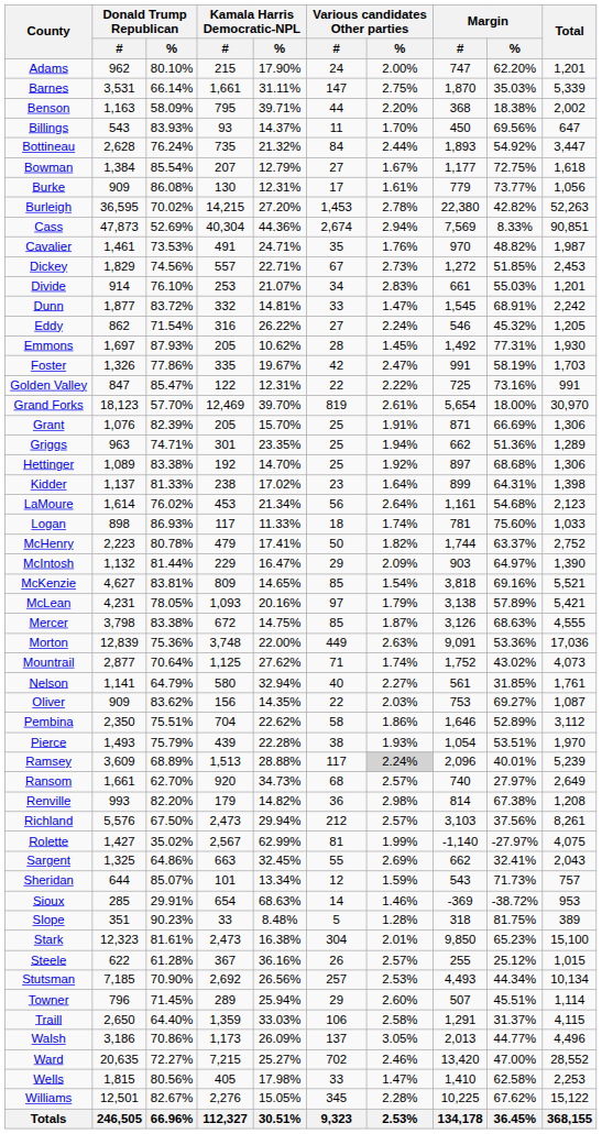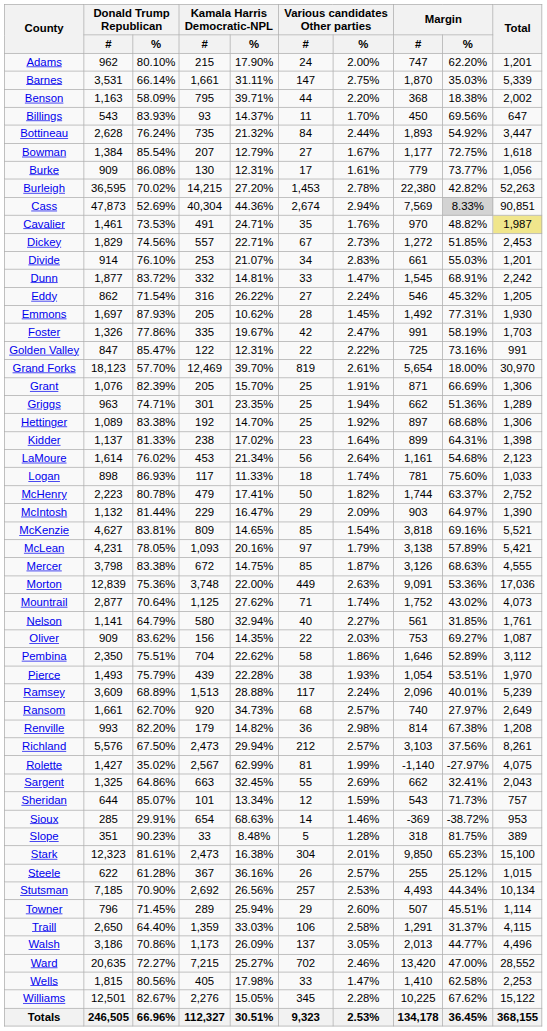 <table width="60%" class="wikitable sortable">
 <tr>
 <th rowspan="2">County</th>
 <th colspan="2">Donald Trump<br>Republican</th>
 <th colspan="2">Kamala Harris<br>Democratic-NPL</th>
 <th colspan="2">Various candidates<br>Other parties</th>
 <th colspan="2">Margin</th>
 <th rowspan="2">Total</th>
 </tr>
 <tr>
 <th style="text-align:center;" data-sort-type="number">#</th>
 <th style="text-align:center;" data-sort-type="number">%</th>
 <th style="text-align:center;" data-sort-type="number">#</th>
 <th style="text-align:center;" data-sort-type="number">%</th>
 <th style="text-align:center;" data-sort-type="number">#</th>
 <th style="text-align:center;" data-sort-type="number">%</th>
 <th style="text-align:center;" data-sort-type="number">#</th>
 <th style="text-align:center;" data-sort-type="number">%</th>
 </tr>
 <tr style="text-align:center;">
 <td><a href='#'>Adams</a></td>
 <td>962</td>
 <td>80.10%</td>
 <td>215</td>
 <td>17.90%</td>
 <td>24</td>
 <td>2.00%</td>
 <td>747</td>
 <td>62.20%</td>
 <td>1,201</td>
 </tr>
 <tr style="text-align:center;">
 <td><a href='#'>Barnes</a></td>
 <td>3,531</td>
 <td>66.14%</td>
 <td>1,661</td>
 <td>31.11%</td>
 <td>147</td>
 <td>2.75%</td>
 <td>1,870</td>
 <td>35.03%</td>
 <td>5,339</td>
 </tr>
 <tr style="text-align:center;">
 <td><a href='#'>Benson</a></td>
 <td>1,163</td>
 <td>58.09%</td>
 <td>795</td>
 <td>39.71%</td>
 <td>44</td>
 <td>2.20%</td>
 <td>368</td>
 <td>18.38%</td>
 <td>2,002</td>
 </tr>
 <tr style="text-align:center;">
 <td><a href='#'>Billings</a></td>
 <td>543</td>
 <td>83.93%</td>
 <td>93</td>
 <td>14.37%</td>
 <td>11</td>
 <td>1.70%</td>
 <td>450</td>
 <td>69.56%</td>
 <td>647</td>
 </tr>
 <tr style="text-align:center;">
 <td><a href='#'>Bottineau</a></td>
 <td>2,628</td>
 <td>76.24%</td>
 <td>735</td>
 <td>21.32%</td>
 <td>84</td>
 <td>2.44%</td>
 <td>1,893</td>
 <td>54.92%</td>
 <td>3,447</td>
 </tr>
 <tr style="text-align:center;">
 <td><a href='#'>Bowman</a></td>
 <td>1,384</td>
 <td>85.54%</td>
 <td>207</td>
 <td>12.79%</td>
 <td>27</td>
 <td>1.67%</td>
 <td>1,177</td>
 <td>72.75%</td>
 <td>1,618</td>
 </tr>
 <tr style="text-align:center;">
 <td><a href='#'>Burke</a></td>
 <td>909</td>
 <td>86.08%</td>
 <td>130</td>
 <td>12.31%</td>
 <td>17</td>
 <td>1.61%</td>
 <td>779</td>
 <td>73.77%</td>
 <td>1,056</td>
 </tr>
 <tr style="text-align:center;">
 <td><a href='#'>Burleigh</a></td>
 <td>36,595</td>
 <td>70.02%</td>
 <td>14,215</td>
 <td>27.20%</td>
 <td>1,453</td>
 <td>2.78%</td>
 <td>22,380</td>
 <td>42.82%</td>
 <td>52,263</td>
 </tr>
 <tr style="text-align:center;">
 <td><a href='#'>Cass</a></td>
 <td>47,873</td>
 <td>52.69%</td>
 <td>40,304</td>
 <td>44.36%</td>
 <td>2,674</td>
 <td>2.94%</td>
 <td>7,569</td>
-<td>8.33%</td>
+<td style="background: lightgrey;">8.33%</td>
 <td>90,851</td>
 </tr>
 <tr style="text-align:center;">
 <td><a href='#'>Cavalier</a></td>
 <td>1,461</td>
 <td>73.53%</td>
 <td>491</td>
 <td>24.71%</td>
 <td>35</td>
 <td>1.76%</td>
 <td>970</td>
 <td>48.82%</td>
-<td>1,987</td>
+<td style="background: khaki;">1,987</td>
 </tr>
 <tr style="text-align:center;">
 <td><a href='#'>Dickey</a></td>
 <td>1,829</td>
 <td>74.56%</td>
 <td>557</td>
 <td>22.71%</td>
 <td>67</td>
 <td>2.73%</td>
 <td>1,272</td>
 <td>51.85%</td>
 <td>2,453</td>
 </tr>
 <tr style="text-align:center;">
 <td><a href='#'>Divide</a></td>
 <td>914</td>
 <td>76.10%</td>
 <td>253</td>
 <td>21.07%</td>
 <td>34</td>
 <td>2.83%</td>
 <td>661</td>
 <td>55.03%</td>
 <td>1,201</td>
 </tr>
 <tr style="text-align:center;">
 <td><a href='#'>Dunn</a></td>
 <td>1,877</td>
 <td>83.72%</td>
 <td>332</td>
 <td>14.81%</td>
 <td>33</td>
 <td>1.47%</td>
 <td>1,545</td>
 <td>68.91%</td>
 <td>2,242</td>
 </tr>
 <tr style="text-align:center;">
 <td><a href='#'>Eddy</a></td>
 <td>862</td>
 <td>71.54%</td>
 <td>316</td>
 <td>26.22%</td>
 <td>27</td>
 <td>2.24%</td>
 <td>546</td>
 <td>45.32%</td>
 <td>1,205</td>
 </tr>
 <tr style="text-align:center;">
 <td><a href='#'>Emmons</a></td>
 <td>1,697</td>
 <td>87.93%</td>
 <td>205</td>
 <td>10.62%</td>
 <td>28</td>
 <td>1.45%</td>
 <td>1,492</td>
 <td>77.31%</td>
 <td>1,930</td>
 </tr>
 <tr style="text-align:center;">
 <td><a href='#'>Foster</a></td>
 <td>1,326</td>
 <td>77.86%</td>
 <td>335</td>
 <td>19.67%</td>
 <td>42</td>
 <td>2.47%</td>
 <td>991</td>
 <td>58.19%</td>
 <td>1,703</td>
 </tr>
 <tr style="text-align:center;">
 <td><a href='#'>Golden Valley</a></td>
 <td>847</td>
 <td>85.47%</td>
 <td>122</td>
 <td>12.31%</td>
 <td>22</td>
 <td>2.22%</td>
 <td>725</td>
 <td>73.16%</td>
 <td>991</td>
 </tr>
 <tr style="text-align:center;">
 <td><a href='#'>Grand Forks</a></td>
 <td>18,123</td>
 <td>57.70%</td>
 <td>12,469</td>
 <td>39.70%</td>
 <td>819</td>
 <td>2.61%</td>
 <td>5,654</td>
 <td>18.00%</td>
 <td>30,970</td>
 </tr>
 <tr style="text-align:center;">
 <td><a href='#'>Grant</a></td>
 <td>1,076</td>
 <td>82.39%</td>
 <td>205</td>
 <td>15.70%</td>
 <td>25</td>
 <td>1.91%</td>
 <td>871</td>
 <td>66.69%</td>
 <td>1,306</td>
 </tr>
 <tr style="text-align:center;">
 <td><a href='#'>Griggs</a></td>
 <td>963</td>
 <td>74.71%</td>
 <td>301</td>
 <td>23.35%</td>
 <td>25</td>
 <td>1.94%</td>
 <td>662</td>
 <td>51.36%</td>
 <td>1,289</td>
 </tr>
 <tr style="text-align:center;">
 <td><a href='#'>Hettinger</a></td>
 <td>1,089</td>
 <td>83.38%</td>
 <td>192</td>
 <td>14.70%</td>
 <td>25</td>
 <td>1.92%</td>
 <td>897</td>
 <td>68.68%</td>
 <td>1,306</td>
 </tr>
 <tr style="text-align:center;">
 <td><a href='#'>Kidder</a></td>
 <td>1,137</td>
 <td>81.33%</td>
 <td>238</td>
 <td>17.02%</td>
 <td>23</td>
 <td>1.64%</td>
 <td>899</td>
 <td>64.31%</td>
 <td>1,398</td>
 </tr>
 <tr style="text-align:center;">
 <td><a href='#'>LaMoure</a></td>
 <td>1,614</td>
 <td>76.02%</td>
 <td>453</td>
 <td>21.34%</td>
 <td>56</td>
 <td>2.64%</td>
 <td>1,161</td>
 <td>54.68%</td>
 <td>2,123</td>
 </tr>
 <tr style="text-align:center;">
 <td><a href='#'>Logan</a></td>
 <td>898</td>
 <td>86.93%</td>
 <td>117</td>
 <td>11.33%</td>
 <td>18</td>
 <td>1.74%</td>
 <td>781</td>
 <td>75.60%</td>
 <td>1,033</td>
 </tr>
 <tr style="text-align:center;">
 <td><a href='#'>McHenry</a></td>
 <td>2,223</td>
 <td>80.78%</td>
 <td>479</td>
 <td>17.41%</td>
 <td>50</td>
 <td>1.82%</td>
 <td>1,744</td>
 <td>63.37%</td>
 <td>2,752</td>
 </tr>
 <tr style="text-align:center;">
 <td><a href='#'>McIntosh</a></td>
 <td>1,132</td>
 <td>81.44%</td>
 <td>229</td>
 <td>16.47%</td>
 <td>29</td>
 <td>2.09%</td>
 <td>903</td>
 <td>64.97%</td>
 <td>1,390</td>
 </tr>
 <tr style="text-align:center;">
 <td><a href='#'>McKenzie</a></td>
 <td>4,627</td>
 <td>83.81%</td>
 <td>809</td>
 <td>14.65%</td>
 <td>85</td>
 <td>1.54%</td>
 <td>3,818</td>
 <td>69.16%</td>
 <td>5,521</td>
 </tr>
 <tr style="text-align:center;">
 <td><a href='#'>McLean</a></td>
 <td>4,231</td>
 <td>78.05%</td>
 <td>1,093</td>
 <td>20.16%</td>
 <td>97</td>
 <td>1.79%</td>
 <td>3,138</td>
 <td>57.89%</td>
 <td>5,421</td>
 </tr>
 <tr style="text-align:center;">
 <td><a href='#'>Mercer</a></td>
 <td>3,798</td>
 <td>83.38%</td>
 <td>672</td>
 <td>14.75%</td>
 <td>85</td>
 <td>1.87%</td>
 <td>3,126</td>
 <td>68.63%</td>
 <td>4,555</td>
 </tr>
 <tr style="text-align:center;">
 <td><a href='#'>Morton</a></td>
 <td>12,839</td>
 <td>75.36%</td>
 <td>3,748</td>
 <td>22.00%</td>
 <td>449</td>
 <td>2.63%</td>
 <td>9,091</td>
 <td>53.36%</td>
 <td>17,036</td>
 </tr>
 <tr style="text-align:center;">
 <td><a href='#'>Mountrail</a></td>
 <td>2,877</td>
 <td>70.64%</td>
 <td>1,125</td>
 <td>27.62%</td>
 <td>71</td>
 <td>1.74%</td>
 <td>1,752</td>
 <td>43.02%</td>
 <td>4,073</td>
 </tr>
 <tr style="text-align:center;">
 <td><a href='#'>Nelson</a></td>
 <td>1,141</td>
 <td>64.79%</td>
 <td>580</td>
 <td>32.94%</td>
 <td>40</td>
 <td>2.27%</td>
 <td>561</td>
 <td>31.85%</td>
 <td>1,761</td>
 </tr>
 <tr style="text-align:center;">
 <td><a href='#'>Oliver</a></td>
 <td>909</td>
 <td>83.62%</td>
 <td>156</td>
 <td>14.35%</td>
 <td>22</td>
 <td>2.03%</td>
 <td>753</td>
 <td>69.27%</td>
 <td>1,087</td>
 </tr>
 <tr style="text-align:center;">
 <td><a href='#'>Pembina</a></td>
 <td>2,350</td>
 <td>75.51%</td>
 <td>704</td>
 <td>22.62%</td>
 <td>58</td>
 <td>1.86%</td>
 <td>1,646</td>
 <td>52.89%</td>
 <td>3,112</td>
 </tr>
 <tr style="text-align:center;">
 <td><a href='#'>Pierce</a></td>
 <td>1,493</td>
 <td>75.79%</td>
 <td>439</td>
 <td>22.28%</td>
 <td>38</td>
 <td>1.93%</td>
 <td>1,054</td>
 <td>53.51%</td>
 <td>1,970</td>
 </tr>
 <tr style="text-align:center;">
 <td><a href='#'>Ramsey</a></td>
 <td>3,609</td>
 <td>68.89%</td>
 <td>1,513</td>
 <td>28.88%</td>
 <td>117</td>
-<td style="background: lightgrey;">2.24%</td>
+<td>2.24%</td>
 <td>2,096</td>
 <td>40.01%</td>
 <td>5,239</td>
 </tr>
 <tr style="text-align:center;">
 <td><a href='#'>Ransom</a></td>
 <td>1,661</td>
 <td>62.70%</td>
 <td>920</td>
 <td>34.73%</td>
 <td>68</td>
 <td>2.57%</td>
 <td>740</td>
 <td>27.97%</td>
 <td>2,649</td>
 </tr>
 <tr style="text-align:center;">
 <td><a href='#'>Renville</a></td>
 <td>993</td>
 <td>82.20%</td>
 <td>179</td>
 <td>14.82%</td>
 <td>36</td>
 <td>2.98%</td>
 <td>814</td>
 <td>67.38%</td>
 <td>1,208</td>
 </tr>
 <tr style="text-align:center;">
 <td><a href='#'>Richland</a></td>
 <td>5,576</td>
 <td>67.50%</td>
 <td>2,473</td>
 <td>29.94%</td>
 <td>212</td>
 <td>2.57%</td>
 <td>3,103</td>
 <td>37.56%</td>
 <td>8,261</td>
 </tr>
 <tr style="text-align:center;">
 <td><a href='#'>Rolette</a></td>
 <td>1,427</td>
 <td>35.02%</td>
 <td>2,567</td>
 <td>62.99%</td>
 <td>81</td>
 <td>1.99%</td>
 <td>-1,140</td>
 <td>-27.97%</td>
 <td>4,075</td>
 </tr>
 <tr style="text-align:center;">
 <td><a href='#'>Sargent</a></td>
 <td>1,325</td>
 <td>64.86%</td>
 <td>663</td>
 <td>32.45%</td>
 <td>55</td>
 <td>2.69%</td>
 <td>662</td>
 <td>32.41%</td>
 <td>2,043</td>
 </tr>
 <tr style="text-align:center;">
 <td><a href='#'>Sheridan</a></td>
 <td>644</td>
 <td>85.07%</td>
 <td>101</td>
 <td>13.34%</td>
 <td>12</td>
 <td>1.59%</td>
 <td>543</td>
 <td>71.73%</td>
 <td>757</td>
 </tr>
 <tr style="text-align:center;">
 <td><a href='#'>Sioux</a></td>
 <td>285</td>
 <td>29.91%</td>
 <td>654</td>
 <td>68.63%</td>
 <td>14</td>
 <td>1.46%</td>
 <td>-369</td>
 <td>-38.72%</td>
 <td>953</td>
 </tr>
 <tr style="text-align:center;">
 <td><a href='#'>Slope</a></td>
 <td>351</td>
 <td>90.23%</td>
 <td>33</td>
 <td>8.48%</td>
 <td>5</td>
 <td>1.28%</td>
 <td>318</td>
 <td>81.75%</td>
 <td>389</td>
 </tr>
 <tr style="text-align:center;">
 <td><a href='#'>Stark</a></td>
 <td>12,323</td>
 <td>81.61%</td>
 <td>2,473</td>
 <td>16.38%</td>
 <td>304</td>
 <td>2.01%</td>
 <td>9,850</td>
 <td>65.23%</td>
 <td>15,100</td>
 </tr>
 <tr style="text-align:center;">
 <td><a href='#'>Steele</a></td>
 <td>622</td>
 <td>61.28%</td>
 <td>367</td>
 <td>36.16%</td>
 <td>26</td>
 <td>2.57%</td>
 <td>255</td>
 <td>25.12%</td>
 <td>1,015</td>
 </tr>
 <tr style="text-align:center;">
 <td><a href='#'>Stutsman</a></td>
 <td>7,185</td>
 <td>70.90%</td>
 <td>2,692</td>
 <td>26.56%</td>
 <td>257</td>
 <td>2.53%</td>
 <td>4,493</td>
 <td>44.34%</td>
 <td>10,134</td>
 </tr>
 <tr style="text-align:center;">
 <td><a href='#'>Towner</a></td>
 <td>796</td>
 <td>71.45%</td>
 <td>289</td>
 <td>25.94%</td>
 <td>29</td>
 <td>2.60%</td>
 <td>507</td>
 <td>45.51%</td>
 <td>1,114</td>
 </tr>
 <tr style="text-align:center;">
 <td><a href='#'>Traill</a></td>
 <td>2,650</td>
 <td>64.40%</td>
 <td>1,359</td>
 <td>33.03%</td>
 <td>106</td>
 <td>2.58%</td>
 <td>1,291</td>
 <td>31.37%</td>
 <td>4,115</td>
 </tr>
 <tr style="text-align:center;">
 <td><a href='#'>Walsh</a></td>
 <td>3,186</td>
 <td>70.86%</td>
 <td>1,173</td>
 <td>26.09%</td>
 <td>137</td>
 <td>3.05%</td>
 <td>2,013</td>
 <td>44.77%</td>
 <td>4,496</td>
 </tr>
 <tr style="text-align:center;">
 <td><a href='#'>Ward</a></td>
 <td>20,635</td>
 <td>72.27%</td>
 <td>7,215</td>
 <td>25.27%</td>
 <td>702</td>
 <td>2.46%</td>
 <td>13,420</td>
 <td>47.00%</td>
 <td>28,552</td>
 </tr>
 <tr style="text-align:center;">
 <td><a href='#'>Wells</a></td>
 <td>1,815</td>
 <td>80.56%</td>
 <td>405</td>
 <td>17.98%</td>
 <td>33</td>
 <td>1.47%</td>
 <td>1,410</td>
 <td>62.58%</td>
 <td>2,253</td>
 </tr>
 <tr style="text-align:center;">
 <td><a href='#'>Williams</a></td>
 <td>12,501</td>
 <td>82.67%</td>
 <td>2,276</td>
 <td>15.05%</td>
 <td>345</td>
 <td>2.28%</td>
 <td>10,225</td>
 <td>67.62%</td>
 <td>15,122</td>
 </tr>
 <tr>
 <th>Totals</th>
 <th>246,505</th>
 <th>66.96%</th>
 <th>112,327</th>
 <th>30.51%</th>
 <th>9,323</th>
 <th>2.53%</th>
 <th>134,178</th>
 <th>36.45%</th>
 <th>368,155</th>
 </tr>
 </table>
